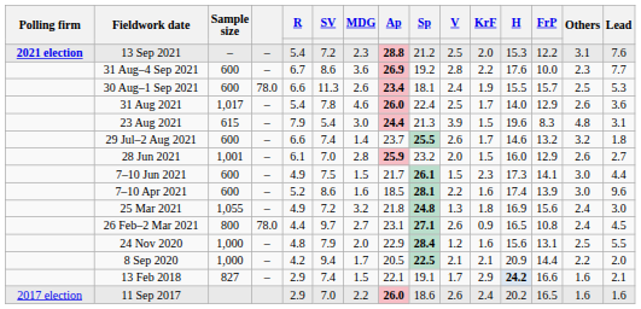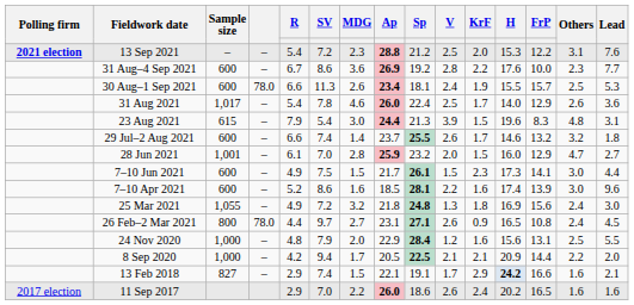 <table class="wikitable mw-collapsible sortable" style="text-align:center;font-size:90%;line-height:14px;">
 <tr style="height:40px;">
 <th rowspan="2" style="width:100px;">Polling firm</th>
 <th rowspan="2" style="width:130px;">Fieldwork date</th>
 <th rowspan="2" style="width:35px;">Sample<br>size</th>
 <th rowspan="2" style="width:30px;"></th>
 <th class="unsortable" style="width:30px;"><a href='#'>R</a></th>
 <th class="unsortable" style="width:30px;"><a href='#'>SV</a></th>
 <th class="unsortable" style="width:30px;"><a href='#'>MDG</a></th>
 <th class="unsortable" style="width:30px;"><a href='#'>Ap</a></th>
 <th class="unsortable" style="width:30px;"><a href='#'>Sp</a></th>
 <th class="unsortable" style="width:30px;"><a href='#'>V</a></th>
 <th class="unsortable" style="width:30px;"><a href='#'>KrF</a></th>
 <th class="unsortable" style="width:30px;"><a href='#'>H</a></th>
 <th class="unsortable" style="width:30px;"><a href='#'>FrP</a></th>
 <th class="unsortable" style="width:20px;" rowspan="2">Others</th>
 <th rowspan="2" style="width:30px;">Lead</th>
 </tr>
 <tr>
 <th style="background:"></th>
 <th style="background:"></th>
 <th style="background:"></th>
 <th style="background:"></th>
 <th style="background:"></th>
 <th style="background:"></th>
 <th style="background:"></th>
 <th style="background:"></th>
 <th style="background:"></th>
 </tr>
 <tr style="background:#E9E9E9;">
 <td><strong><a href='#'>2021 election</a></strong></td>
 <td>13 Sep 2021</td>
 <td>–</td>
 <td>–</td>
 <td>5.4</td>
 <td>7.2</td>
 <td>2.3</td>
 <td style="background:#F7BDC5;"><strong>28.8</strong></td>
 <td>21.2</td>
 <td>2.5</td>
 <td>2.0</td>
 <td>15.3</td>
 <td>12.2</td>
 <td>3.1</td>
 <td style="background:">7.6</td>
 </tr>
 <tr>
 <td></td>
 <td>31 Aug–4 Sep 2021</td>
 <td>600</td>
 <td>–</td>
 <td>6.7</td>
 <td>8.6</td>
 <td>3.6</td>
 <td style="background:#F7BDC5;"><strong>26.9</strong></td>
 <td>19.2</td>
 <td>2.8</td>
 <td>2.2</td>
 <td>17.6</td>
 <td>10.0</td>
 <td>2.3</td>
 <td style="background:">7.7</td>
 </tr>
 <tr>
 <td></td>
 <td>30 Aug–1 Sep 2021</td>
 <td>600</td>
 <td>78.0</td>
 <td>6.6</td>
 <td>11.3</td>
 <td>2.6</td>
 <td style="background:#F7BDC5;"><strong>23.4</strong></td>
 <td>18.1</td>
 <td>2.4</td>
 <td>1.9</td>
 <td>15.5</td>
 <td>15.7</td>
 <td>2.5</td>
 <td style="background:">5.3</td>
 </tr>
 <tr>
 <td></td>
 <td>31 Aug 2021</td>
 <td>1,017</td>
 <td>–</td>
 <td>5.4</td>
 <td>7.8</td>
 <td>4.6</td>
 <td style="background:#F7BDC5;"><strong>26.0</strong></td>
 <td>22.4</td>
 <td>2.5</td>
 <td>1.7</td>
 <td>14.0</td>
 <td>12.9</td>
 <td>2.6</td>
 <td style="background:">3.6</td>
 </tr>
 <tr>
 <td></td>
 <td>23 Aug 2021</td>
 <td>615</td>
 <td>–</td>
 <td>7.9</td>
 <td>5.4</td>
 <td>3.0</td>
 <td style="background:#F7BDC5;"><strong>24.4</strong></td>
 <td>21.3</td>
 <td>3.9</td>
 <td>1.5</td>
 <td>19.6</td>
 <td>8.3</td>
 <td>4.8</td>
 <td style="background:">3.1</td>
 </tr>
 <tr>
 <td></td>
 <td>29 Jul–2 Aug 2021</td>
 <td>600</td>
 <td>–</td>
 <td>6.6</td>
 <td>7.4</td>
 <td>1.4</td>
 <td>23.7</td>
 <td style="background:#BADECC;"><strong>25.5</strong></td>
 <td>2.6</td>
 <td>1.7</td>
 <td>14.6</td>
 <td>13.2</td>
 <td>3.2</td>
 <td style="background:">1.8</td>
 </tr>
 <tr>
 <td></td>
 <td>28 Jun 2021</td>
 <td>1,001</td>
 <td>–</td>
 <td>6.1</td>
 <td>7.0</td>
 <td>2.8</td>
 <td style="background:#F7BDC5;"><strong>25.9</strong></td>
 <td>23.2</td>
 <td>2.0</td>
 <td>1.5</td>
 <td>16.0</td>
 <td>12.9</td>
-<td>2.6</td>
+<td>4.7</td>
 <td style="background:">2.7</td>
 </tr>
 <tr>
 <td></td>
 <td>7–10 Jun 2021</td>
 <td>600</td>
 <td>–</td>
 <td>4.9</td>
 <td>7.5</td>
 <td>1.5</td>
 <td>21.7</td>
 <td style="background:#BADECC;"><strong>26.1</strong></td>
 <td>1.5</td>
 <td>2.3</td>
 <td>17.3</td>
 <td>14.1</td>
 <td>3.0</td>
 <td style="background:">4.4</td>
 </tr>
 <tr>
 <td></td>
 <td>7–10 Apr 2021</td>
 <td>600</td>
 <td>–</td>
 <td>5.2</td>
 <td>8.6</td>
 <td>1.6</td>
 <td>18.5</td>
 <td style="background:#BADECC;"><strong>28.1</strong></td>
 <td>2.2</td>
 <td>1.6</td>
 <td>17.4</td>
 <td>13.9</td>
 <td>3.0</td>
 <td style="background:">9.6</td>
 </tr>
 <tr>
 <td></td>
 <td>25 Mar 2021</td>
 <td>1,055</td>
 <td>–</td>
 <td>4.9</td>
 <td>7.2</td>
 <td>3.2</td>
 <td>21.8</td>
 <td style="background:#BADECC;"><strong>24.8</strong></td>
 <td>1.3</td>
 <td>1.8</td>
 <td>16.9</td>
 <td>15.6</td>
 <td>2.4</td>
 <td style="background:">3.0</td>
 </tr>
 <tr>
 <td></td>
 <td>26 Feb–2 Mar 2021</td>
 <td>800</td>
 <td>78.0</td>
 <td>4.4</td>
 <td>9.7</td>
 <td>2.7</td>
 <td>23.1</td>
 <td style="background:#BADECC;"><strong>27.1</strong></td>
 <td>2.6</td>
 <td>0.9</td>
 <td>16.5</td>
 <td>10.8</td>
 <td>2.4</td>
 <td style="background:">4.5</td>
 </tr>
 <tr>
 <td></td>
 <td>24 Nov 2020</td>
 <td>1,000</td>
 <td>–</td>
 <td>4.8</td>
 <td>7.9</td>
 <td>2.0</td>
 <td>22.9</td>
 <td style="background:#BADECC;"><strong>28.4</strong></td>
 <td>1.2</td>
 <td>1.6</td>
 <td>15.6</td>
 <td>13.1</td>
 <td>2.5</td>
 <td style="background:">5.5</td>
 </tr>
 <tr>
 <td></td>
 <td>8 Sep 2020</td>
 <td>1,000</td>
 <td>–</td>
 <td>4.2</td>
 <td>9.4</td>
 <td>1.7</td>
 <td>20.5</td>
 <td style="background:#BADECC;"><strong>22.5</strong></td>
 <td>2.1</td>
 <td>2.1</td>
 <td>20.9</td>
 <td>14.4</td>
 <td>2.2</td>
 <td style="background:">2.0</td>
 </tr>
 <tr>
 <td></td>
 <td>13 Feb 2018</td>
 <td>827</td>
 <td>–</td>
 <td>2.9</td>
 <td>7.4</td>
 <td>1.5</td>
 <td>22.1</td>
 <td>19.1</td>
 <td>1.7</td>
 <td>2.9</td>
 <td style="background:#DCE7F3;"><strong>24.2</strong></td>
 <td>16.6</td>
 <td>1.6</td>
 <td style="background:">2.1</td>
 </tr>
 <tr style="background:#E9E9E9;">
 <td><a href='#'>2017 election</a></td>
 <td>11 Sep 2017</td>
 <td></td>
 <td></td>
 <td>2.9</td>
 <td>7.0</td>
 <td>2.2</td>
 <td style="background:#F7BDC5;"><strong>26.0</strong></td>
 <td>18.6</td>
 <td>2.6</td>
 <td>2.4</td>
 <td>20.2</td>
 <td>16.5</td>
 <td>1.6</td>
 <td style="background:">1.6</td>
 </tr>
 </table>
